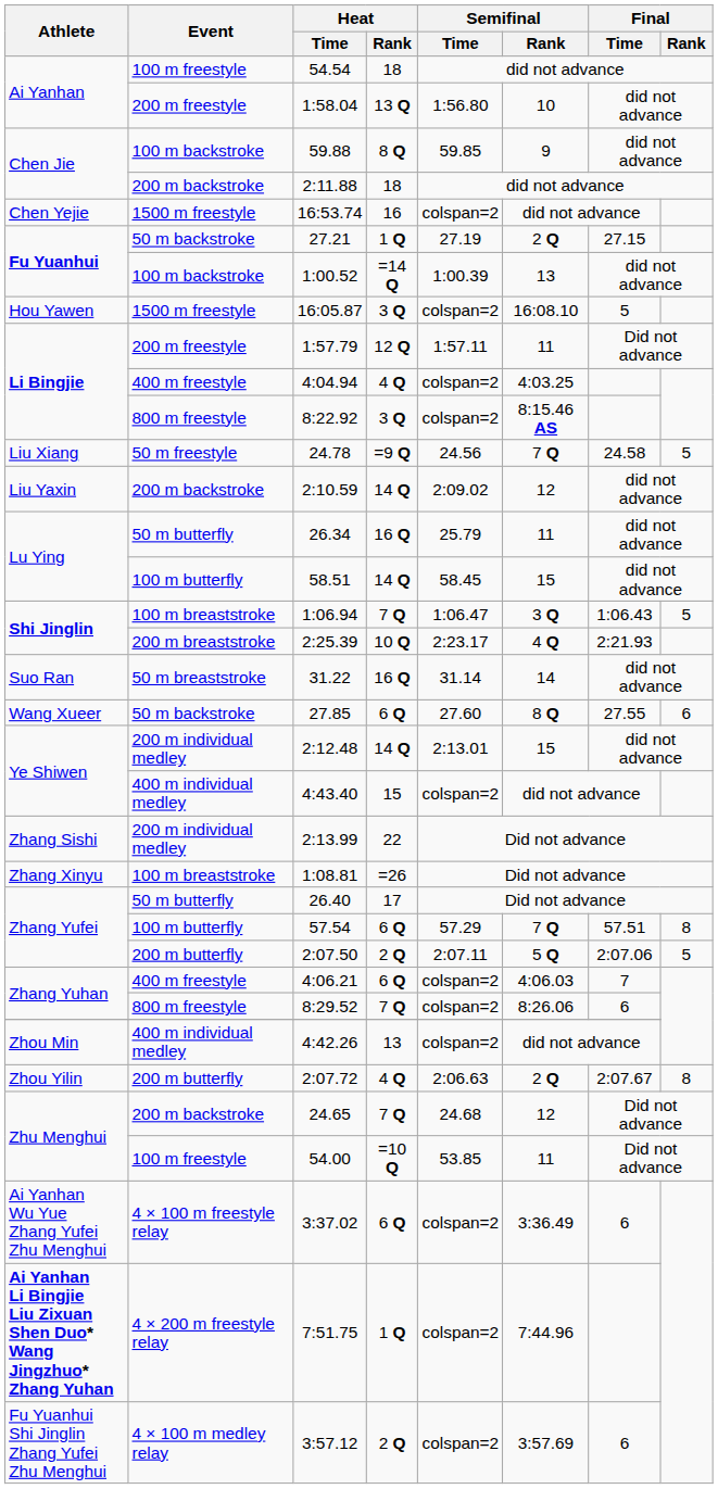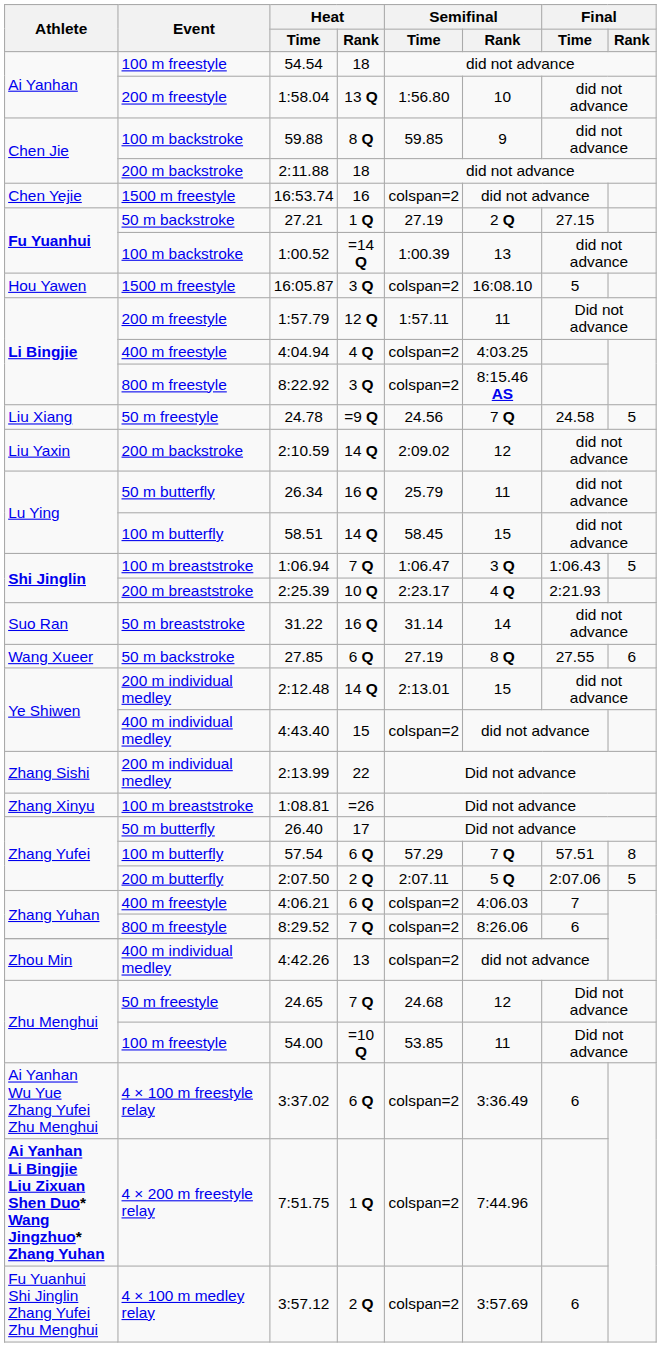 <table class=wikitable style="font-size:90%">
 <tr>
 <th rowspan="2">Athlete</th>
 <th rowspan="2">Event</th>
 <th colspan="2">Heat</th>
 <th colspan="2">Semifinal</th>
 <th colspan="2">Final</th>
 </tr>
 <tr style="font-size:95%">
 <th>Time</th>
 <th>Rank</th>
 <th>Time</th>
 <th>Rank</th>
 <th>Time</th>
 <th>Rank</th>
 </tr>
 <tr align=center>
 <td align=left rowspan=2><a href='#'>Ai Yanhan</a></td>
 <td align=left><a href='#'>100 m freestyle</a></td>
 <td>54.54</td>
 <td>18</td>
 <td colspan=4>did not advance</td>
 </tr>
 <tr align=center>
 <td align=left><a href='#'>200 m freestyle</a></td>
 <td>1:58.04</td>
 <td>13 <strong>Q</strong></td>
 <td>1:56.80</td>
 <td>10</td>
 <td colspan=2>did not advance</td>
 </tr>
 <tr align=center>
 <td align=left rowspan=2><a href='#'>Chen Jie</a></td>
 <td align=left><a href='#'>100 m backstroke</a></td>
 <td>59.88</td>
 <td>8 <strong>Q</strong></td>
 <td>59.85</td>
 <td>9</td>
 <td colspan=2>did not advance</td>
 </tr>
 <tr align=center>
 <td align=left><a href='#'>200 m backstroke</a></td>
 <td>2:11.88</td>
 <td>18</td>
 <td colspan=4>did not advance</td>
 </tr>
 <tr align=center>
 <td align=left><a href='#'>Chen Yejie</a></td>
 <td align=left><a href='#'>1500 m freestyle</a></td>
 <td>16:53.74</td>
 <td>16</td>
 <td>colspan=2 </td>
 <td colspan=2>did not advance</td>
 </tr>
 <tr align=center>
 <td align=left rowspan=2><strong><a href='#'>Fu Yuanhui</a></strong></td>
 <td align=left><a href='#'>50 m backstroke</a></td>
 <td>27.21</td>
 <td>1 <strong>Q</strong></td>
 <td>27.19</td>
 <td>2 <strong>Q</strong></td>
 <td>27.15</td>
 <td></td>
 </tr>
 <tr align=center>
 <td align=left><a href='#'>100 m backstroke</a></td>
 <td>1:00.52</td>
 <td>=14 <strong>Q</strong></td>
 <td>1:00.39</td>
 <td>13</td>
 <td colspan=2>did not advance</td>
 </tr>
 <tr align=center>
 <td align=left><a href='#'>Hou Yawen</a></td>
 <td align=left><a href='#'>1500 m freestyle</a></td>
 <td>16:05.87</td>
 <td>3 <strong>Q</strong></td>
 <td>colspan=2 </td>
 <td>16:08.10</td>
 <td>5</td>
 </tr>
 <tr align=center>
 <td align=left rowspan=3><strong><a href='#'>Li Bingjie</a></strong></td>
 <td align=left><a href='#'>200 m freestyle</a></td>
 <td>1:57.79</td>
 <td>12 <strong>Q</strong></td>
 <td>1:57.11</td>
 <td>11</td>
 <td colspan=2>Did not advance</td>
 </tr>
 <tr align=center>
 <td align=left><a href='#'>400 m freestyle</a></td>
 <td>4:04.94</td>
 <td>4 <strong>Q</strong></td>
 <td>colspan=2 </td>
 <td>4:03.25</td>
 <td></td>
 </tr>
 <tr align=center>
 <td align=left><a href='#'>800 m freestyle</a></td>
 <td>8:22.92</td>
 <td>3 <strong>Q</strong></td>
 <td>colspan=2 </td>
 <td>8:15.46 <strong><a href='#'>AS</a></strong></td>
 <td></td>
 </tr>
 <tr align=center>
 <td align=left><a href='#'>Liu Xiang</a></td>
 <td align=left><a href='#'>50 m freestyle</a></td>
 <td>24.78</td>
 <td>=9 <strong>Q</strong></td>
 <td>24.56</td>
 <td>7 <strong>Q</strong></td>
 <td>24.58</td>
 <td>5</td>
 </tr>
 <tr align=center>
 <td align=left><a href='#'>Liu Yaxin</a></td>
 <td align=left><a href='#'>200 m backstroke</a></td>
 <td>2:10.59</td>
 <td>14 <strong>Q</strong></td>
 <td>2:09.02</td>
 <td>12</td>
 <td colspan=2>did not advance</td>
 </tr>
 <tr align=center>
 <td align=left rowspan=2><a href='#'>Lu Ying</a></td>
 <td align=left><a href='#'>50 m butterfly</a></td>
 <td>26.34</td>
 <td>16 <strong>Q</strong></td>
 <td>25.79</td>
 <td>11</td>
 <td colspan=2>did not advance</td>
 </tr>
 <tr align=center>
 <td align=left><a href='#'>100 m butterfly</a></td>
 <td>58.51</td>
 <td>14 <strong>Q</strong></td>
 <td>58.45</td>
 <td>15</td>
 <td colspan=2>did not advance</td>
 </tr>
 <tr align=center>
 <td align=left rowspan=2><strong><a href='#'>Shi Jinglin</a></strong></td>
 <td align=left><a href='#'>100 m breaststroke</a></td>
 <td>1:06.94</td>
 <td>7 <strong>Q</strong></td>
 <td>1:06.47</td>
 <td>3 <strong>Q</strong></td>
 <td>1:06.43</td>
 <td>5</td>
 </tr>
 <tr align=center>
 <td align=left><a href='#'>200 m breaststroke</a></td>
 <td>2:25.39</td>
 <td>10 <strong>Q</strong></td>
 <td>2:23.17</td>
 <td>4 <strong>Q</strong></td>
 <td>2:21.93</td>
 <td></td>
 </tr>
 <tr align=center>
 <td align=left><a href='#'>Suo Ran</a></td>
 <td align=left><a href='#'>50 m breaststroke</a></td>
 <td>31.22</td>
 <td>16 <strong>Q</strong></td>
 <td>31.14</td>
 <td>14</td>
 <td colspan=2>did not advance</td>
 </tr>
 <tr align=center>
 <td align=left><a href='#'>Wang Xueer</a></td>
 <td align=left><a href='#'>50 m backstroke</a></td>
 <td>27.85</td>
 <td>6 <strong>Q</strong></td>
-<td>27.60</td>
+<td>27.19</td>
 <td>8 <strong>Q</strong></td>
 <td>27.55</td>
 <td>6</td>
 </tr>
 <tr align=center>
 <td align=left rowspan=2><a href='#'>Ye Shiwen</a></td>
 <td align=left><a href='#'>200 m individual medley</a></td>
 <td>2:12.48</td>
 <td>14 <strong>Q</strong></td>
 <td>2:13.01</td>
 <td>15</td>
 <td colspan=2>did not advance</td>
 </tr>
 <tr align=center>
 <td align=left><a href='#'>400 m individual medley</a></td>
 <td>4:43.40</td>
 <td>15</td>
 <td>colspan=2 </td>
 <td colspan=2>did not advance</td>
 </tr>
 <tr align=center>
 <td align=left><a href='#'>Zhang Sishi</a></td>
 <td align=left><a href='#'>200 m individual medley</a></td>
 <td>2:13.99</td>
 <td>22</td>
 <td colspan=4>Did not advance</td>
 </tr>
 <tr align=center>
 <td align=left><a href='#'>Zhang Xinyu</a></td>
 <td align=left><a href='#'>100 m breaststroke</a></td>
 <td>1:08.81</td>
 <td>=26</td>
 <td colspan=4>Did not advance</td>
 </tr>
 <tr align=center>
 <td align=left rowspan=3><a href='#'>Zhang Yufei</a></td>
 <td align=left><a href='#'>50 m butterfly</a></td>
 <td>26.40</td>
 <td>17</td>
 <td colspan=4>Did not advance</td>
 </tr>
 <tr align=center>
 <td align=left><a href='#'>100 m butterfly</a></td>
 <td>57.54</td>
 <td>6 <strong>Q</strong></td>
 <td>57.29</td>
 <td>7 <strong>Q</strong></td>
 <td>57.51</td>
 <td>8</td>
 </tr>
 <tr align=center>
 <td align=left><a href='#'>200 m butterfly</a></td>
 <td>2:07.50</td>
 <td>2 <strong>Q</strong></td>
 <td>2:07.11</td>
 <td>5 <strong>Q</strong></td>
 <td>2:07.06</td>
 <td>5</td>
 </tr>
 <tr align=center>
 <td align=left rowspan=2><a href='#'>Zhang Yuhan</a></td>
 <td align=left><a href='#'>400 m freestyle</a></td>
 <td>4:06.21</td>
 <td>6 <strong>Q</strong></td>
 <td>colspan=2 </td>
 <td>4:06.03</td>
 <td>7</td>
 </tr>
 <tr align=center>
 <td align=left><a href='#'>800 m freestyle</a></td>
 <td>8:29.52</td>
 <td>7 <strong>Q</strong></td>
 <td>colspan=2 </td>
 <td>8:26.06</td>
 <td>6</td>
 </tr>
 <tr align=center>
 </tr>
 <tr align=center>
 <td align=left><a href='#'>Zhou Min</a></td>
 <td align=left><a href='#'>400 m individual medley</a></td>
 <td>4:42.26</td>
 <td>13</td>
 <td>colspan=2 </td>
 <td colspan=2>did not advance</td>
 </tr>
 <tr align=center>
-<td align=left><a href='#'>Zhou Yilin</a></td>
-<td align=left><a href='#'>200 m butterfly</a></td>
-<td>2:07.72</td>
-<td>4 <strong>Q</strong></td>
-<td>2:06.63</td>
-<td>2 <strong>Q</strong></td>
-<td>2:07.67</td>
-<td>8</td>
-</tr>
-<tr align=center>
 <td align=left rowspan=2><a href='#'>Zhu Menghui</a></td>
-<td align=left><a href='#'>200 m backstroke</a></td>
+<td align=left><a href='#'>50 m freestyle</a></td>
 <td>24.65</td>
 <td>7 <strong>Q</strong></td>
 <td>24.68</td>
 <td>12</td>
 <td colspan=2>Did not advance</td>
 </tr>
 <tr align=center>
 <td align=left><a href='#'>100 m freestyle</a></td>
 <td>54.00</td>
 <td>=10 <strong>Q</strong></td>
 <td>53.85</td>
 <td>11</td>
 <td colspan=2>Did not advance</td>
 </tr>
 <tr align=center>
 <td align=left><a href='#'>Ai Yanhan</a><br><a href='#'>Wu Yue</a><br><a href='#'>Zhang Yufei</a><br><a href='#'>Zhu Menghui</a></td>
 <td align=left><a href='#'>4 × 100 m freestyle relay</a></td>
 <td>3:37.02</td>
 <td>6 <strong>Q</strong></td>
 <td>colspan=2 </td>
 <td>3:36.49</td>
 <td>6</td>
 </tr>
 <tr align=center>
 <td align=left><strong><a href='#'>Ai Yanhan</a><br><a href='#'>Li Bingjie</a><br><a href='#'>Liu Zixuan</a><br><a href='#'>Shen Duo</a>*<br><a href='#'>Wang Jingzhuo</a>*<br><a href='#'>Zhang Yuhan</a></strong></td>
 <td align=left><a href='#'>4 × 200 m freestyle relay</a></td>
 <td>7:51.75</td>
 <td>1 <strong>Q</strong></td>
 <td>colspan=2 </td>
 <td>7:44.96</td>
 <td></td>
 </tr>
 <tr align=center>
 <td align=left><a href='#'>Fu Yuanhui</a><br><a href='#'>Shi Jinglin</a><br><a href='#'>Zhang Yufei</a><br><a href='#'>Zhu Menghui</a></td>
 <td align=left><a href='#'>4 × 100 m medley relay</a></td>
 <td>3:57.12</td>
 <td>2 <strong>Q</strong></td>
 <td>colspan=2 </td>
 <td>3:57.69</td>
 <td>6</td>
 </tr>
 </table>
